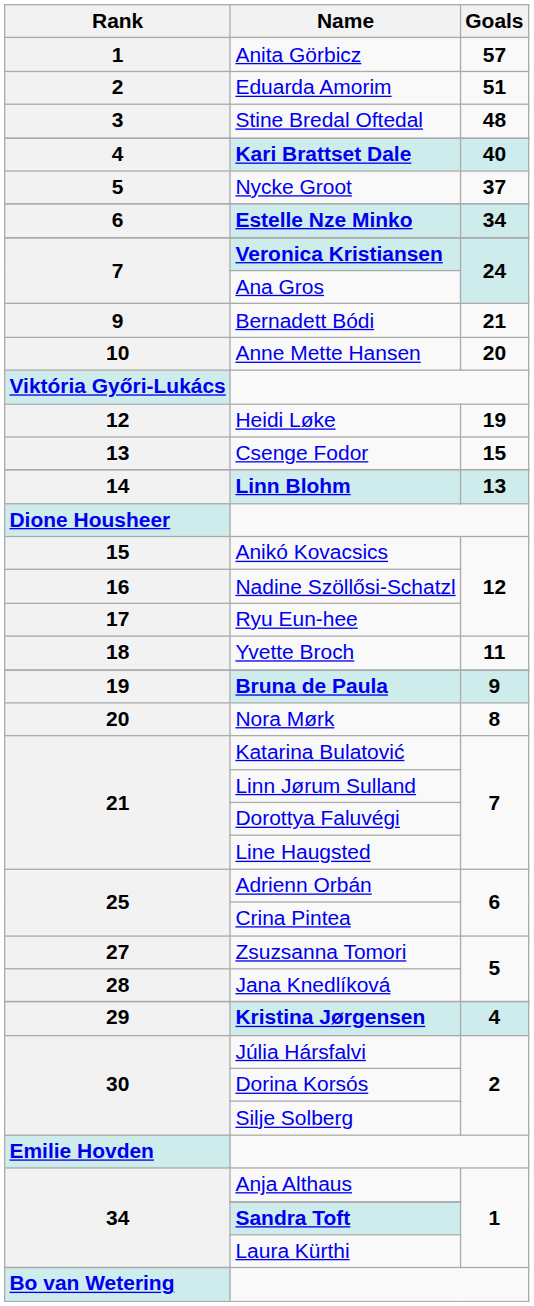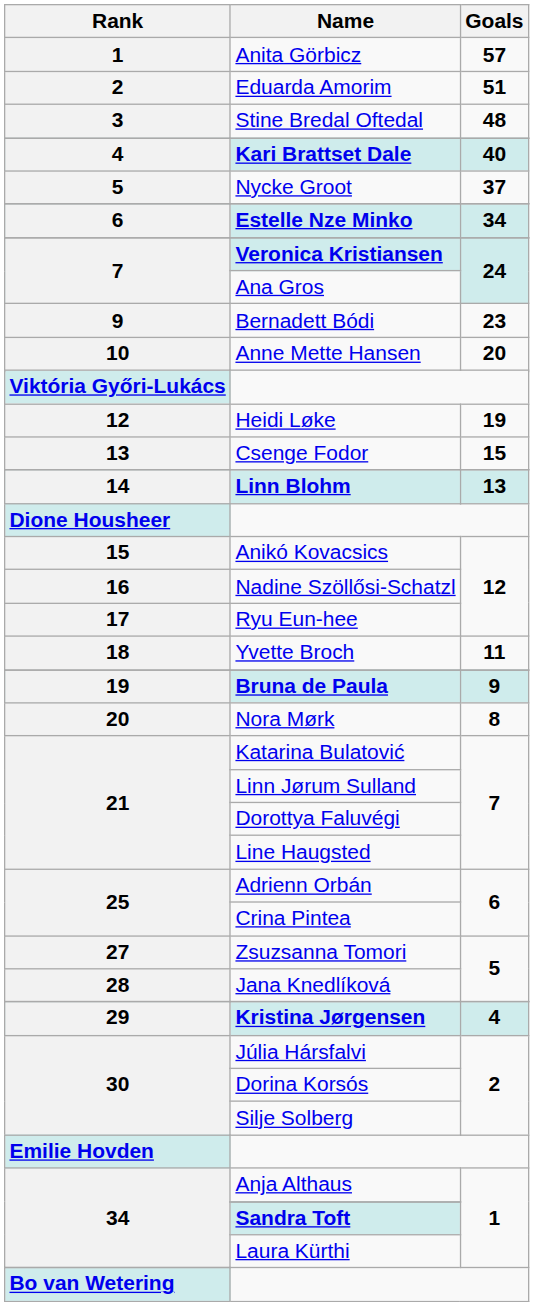 <table class="wikitable" style="text-align: center">
 <tr>
 <th>Rank</th>
 <th class="unsortable">Name</th>
 <th>Goals</th>
 </tr>
 <tr>
 <th rowspan="1">1</th>
 <td style="text-align: left;"> <a href='#'>Anita Görbicz</a></td>
 <td><strong>57</strong></td>
 </tr>
 <tr>
 <th rowspan="1">2</th>
 <td style="text-align: left;"> <a href='#'>Eduarda Amorim</a></td>
 <td><strong>51</strong></td>
 </tr>
 <tr>
 <th rowspan="1">3</th>
 <td style="text-align: left;"> <a href='#'>Stine Bredal Oftedal</a></td>
 <td><strong>48</strong></td>
 </tr>
 <tr>
 </tr>
 <tr style="background-color: #CFECEC;">
 <th rowspan="1">4</th>
 <td style="text-align: left;"> <strong><a href='#'>Kari Brattset Dale</a></strong></td>
 <td><strong>40</strong></td>
 </tr>
 <tr>
 <th rowspan="1">5</th>
 <td style="text-align: left;"> <a href='#'>Nycke Groot</a></td>
 <td><strong>37</strong></td>
 </tr>
 <tr>
 </tr>
 <tr style="background-color: #CFECEC;">
 <th rowspan="1">6</th>
 <td style="text-align: left;"> <strong><a href='#'>Estelle Nze Minko</a></strong></td>
 <td><strong>34</strong></td>
 </tr>
 <tr>
 </tr>
 <tr style="background-color: #CFECEC;">
 <th rowspan="2">7</th>
 <td style="text-align: left;"> <strong><a href='#'>Veronica Kristiansen</a></strong></td>
 <td rowspan="2"><strong>24</strong></td>
 </tr>
 <tr>
 <td style="text-align: left;"> <a href='#'>Ana Gros</a></td>
 </tr>
 <tr>
 <th rowspan="1">9</th>
 <td style="text-align: left;"> <a href='#'>Bernadett Bódi</a></td>
-<td><strong>21</strong></td>
+<td><strong>23</strong></td>
 </tr>
 <tr>
 <th rowspan="2">10</th>
 <td style="text-align: left;"> <a href='#'>Anne Mette Hansen</a></td>
 <td rowspan="2"><strong>20</strong></td>
 </tr>
 <tr>
 </tr>
 <tr style="background-color: #CFECEC;">
 <td style="text-align: left;"> <strong><a href='#'>Viktória Győri-Lukács</a></strong></td>
 </tr>
 <tr>
 <th rowspan="1">12</th>
 <td style="text-align: left;"> <a href='#'>Heidi Løke</a></td>
 <td><strong>19</strong></td>
 </tr>
 <tr>
 <th rowspan="1">13</th>
 <td style="text-align: left;"> <a href='#'>Csenge Fodor</a></td>
 <td><strong>15</strong></td>
 </tr>
 <tr>
 </tr>
 <tr style="background-color: #CFECEC;">
 <th rowspan="2">14</th>
 <td style="text-align: left;"> <strong><a href='#'>Linn Blohm</a></strong></td>
 <td rowspan=2><strong>13</strong></td>
 </tr>
 <tr>
 </tr>
 <tr style="background-color: #CFECEC;">
 <td style="text-align: left;"> <strong><a href='#'>Dione Housheer</a></strong></td>
 </tr>
 <tr>
 <th rowspan="1">15</th>
 <td style="text-align: left;"> <a href='#'>Anikó Kovacsics</a></td>
 <td rowspan="3"><strong>12</strong></td>
 </tr>
 <tr>
 <th rowspan="1">16</th>
 <td style="text-align: left;"> <a href='#'>Nadine Szöllősi-Schatzl</a></td>
 </tr>
 <tr>
 <th rowspan="1">17</th>
 <td style="text-align: left;"> <a href='#'>Ryu Eun-hee</a></td>
 </tr>
 <tr>
 <th rowspan="1">18</th>
 <td style="text-align: left;"> <a href='#'>Yvette Broch</a></td>
 <td><strong>11</strong></td>
 </tr>
 <tr>
 </tr>
 <tr style="background-color: #CFECEC;">
 <th rowspan="1">19</th>
 <td style="text-align: left;"> <strong><a href='#'>Bruna de Paula</a></strong></td>
 <td><strong>9</strong></td>
 </tr>
 <tr>
 <th rowspan="1">20</th>
 <td style="text-align: left;"> <a href='#'>Nora Mørk</a></td>
 <td><strong>8</strong></td>
 </tr>
 <tr>
 <th rowspan="4">21</th>
 <td style="text-align: left;"> <a href='#'>Katarina Bulatović</a></td>
 <td rowspan="4"><strong>7</strong></td>
 </tr>
 <tr>
 <td style="text-align: left;"> <a href='#'>Linn Jørum Sulland</a></td>
 </tr>
 <tr>
 <td style="text-align: left;"> <a href='#'>Dorottya Faluvégi</a></td>
 </tr>
 <tr>
 <td style="text-align: left;"> <a href='#'>Line Haugsted</a></td>
 </tr>
 <tr>
 <th rowspan="2">25</th>
 <td style="text-align: left;"> <a href='#'>Adrienn Orbán</a></td>
 <td rowspan="2"><strong>6</strong></td>
 </tr>
 <tr>
 <td style="text-align: left;"> <a href='#'>Crina Pintea</a></td>
 </tr>
 <tr>
 <th rowspan="1">27</th>
 <td style="text-align: left;"> <a href='#'>Zsuzsanna Tomori</a></td>
 <td rowspan="2"><strong>5</strong></td>
 </tr>
 <tr>
 <th rowspan="1">28</th>
 <td style="text-align: left;"> <a href='#'>Jana Knedlíková</a></td>
 </tr>
 <tr>
 </tr>
 <tr style="background-color: #CFECEC;">
 <th rowspan="1">29</th>
 <td style="text-align: left;"> <strong><a href='#'>Kristina Jørgensen</a></strong></td>
 <td><strong>4</strong></td>
 </tr>
 <tr>
 <th rowspan="4">30</th>
 <td style="text-align: left;"> <a href='#'>Júlia Hársfalvi</a></td>
 <td rowspan="4"><strong>2</strong></td>
 </tr>
 <tr>
 <td style="text-align: left;"> <a href='#'>Dorina Korsós</a></td>
 </tr>
 <tr>
 <td style="text-align: left;"> <a href='#'>Silje Solberg</a></td>
 </tr>
 <tr>
 </tr>
 <tr style="background-color: #CFECEC;">
 <td style="text-align: left;"> <strong><a href='#'>Emilie Hovden</a></strong></td>
 </tr>
 <tr>
 <th rowspan="4">34</th>
 <td style="text-align: left;"> <a href='#'>Anja Althaus</a></td>
 <td rowspan="4"><strong>1</strong></td>
 </tr>
 <tr>
 </tr>
 <tr style="background-color: #CFECEC;">
 <td style="text-align: left;"> <strong><a href='#'>Sandra Toft</a></strong></td>
 </tr>
 <tr>
 <td style="text-align: left;"> <a href='#'>Laura Kürthi</a></td>
 </tr>
 <tr>
 </tr>
 <tr style="background-color: #CFECEC;">
 <td style="text-align: left;"> <strong><a href='#'>Bo van Wetering</a></strong></td>
 </tr>
 </table>
